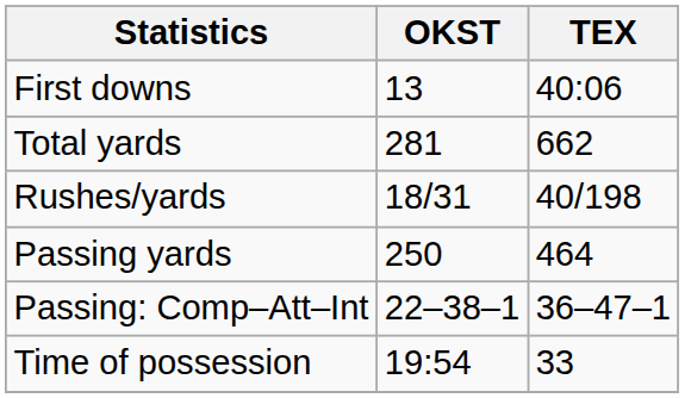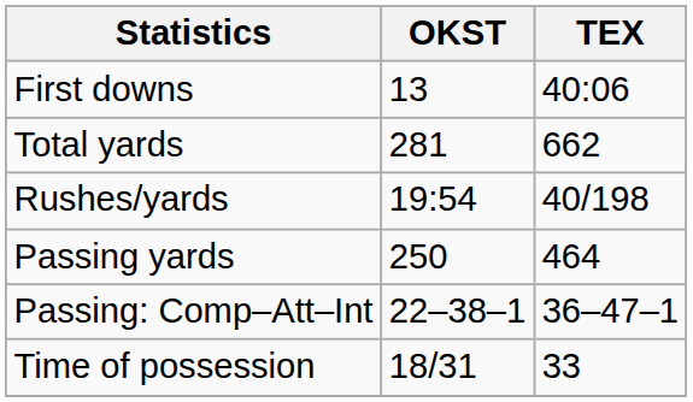 <table class="wikitable" style="float: left;">
 <tr>
 <th>Statistics</th>
 <th>OKST</th>
 <th>TEX</th>
 </tr>
 <tr>
 <td>First downs</td>
 <td>13</td>
 <td>40:06</td>
 </tr>
 <tr>
 <td>Total yards</td>
 <td>281</td>
 <td>662</td>
 </tr>
 <tr>
 <td>Rushes/yards</td>
-<td>18/31</td>
+<td>19:54</td>
 <td>40/198</td>
 </tr>
 <tr>
 <td>Passing yards</td>
 <td>250</td>
 <td>464</td>
 </tr>
 <tr>
 <td>Passing: Comp–Att–Int</td>
 <td>22–38–1</td>
 <td>36–47–1</td>
 </tr>
 <tr>
 <td>Time of possession</td>
-<td>19:54</td>
+<td>18/31</td>
 <td>33</td>
 </tr>
 <tr>
 </tr>
 </table>
